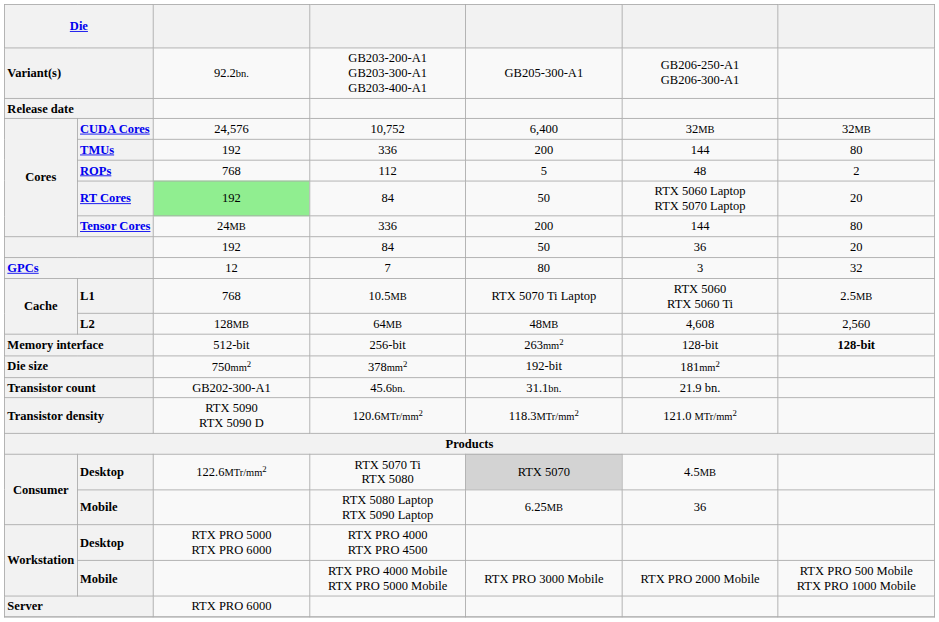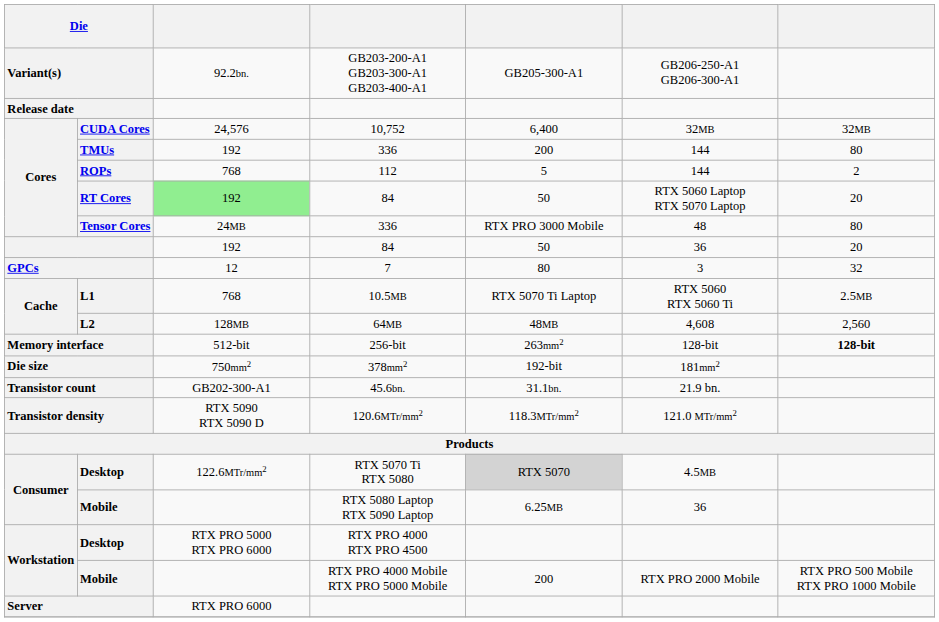 <table class="wikitable" style="text-align:center; font-size:90%; height:3em; white-space:nowrap;">
 <tr>
 <th colspan="2"><a href='#'>Die</a></th>
 <th style="width:12em; height:3em;"></th>
 <th style="width:12em; height:3em;"></th>
 <th style="width:12em; height:3em;"></th>
 <th style="width:12em; height:3em;"></th>
 <th style="width:12em; height:3em;"></th>
 </tr>
 <tr>
 <th colspan="2" style="text-align: left;">Variant(s)</th>
 <td>92.2<small>bn.</small></td>
 <td>GB203-200-A1 <br> GB203-300-A1 <br> GB203-400-A1</td>
 <td>GB205-300-A1</td>
 <td>GB206-250-A1 <br> GB206-300-A1</td>
 <td></td>
 </tr>
 <tr>
 <th colspan="2" style="text-align: left;">Release date</th>
 <td></td>
 <td></td>
 <td></td>
 <td></td>
 <td></td>
 </tr>
 <tr>
 <th rowspan="5">Cores</th>
 <th style="text-align: left;"><a href='#'>CUDA Cores</a></th>
 <td>24,576</td>
 <td>10,752</td>
 <td>6,400</td>
 <td>32<small>MB</small></td>
 <td>32<small>MB</small></td>
 </tr>
 <tr>
 <th style="text-align: left;"><a href='#'>TMUs</a></th>
 <td>192</td>
 <td>336</td>
 <td>200</td>
 <td>144</td>
 <td>80</td>
 </tr>
 <tr>
 <th style="text-align: left;"><a href='#'>ROPs</a></th>
 <td>768</td>
 <td>112</td>
 <td>5</td>
-<td>48</td>
+<td>144</td>
 <td>2</td>
 </tr>
 <tr>
 <th style="text-align: left;"><a href='#'>RT Cores</a></th>
 <td style="background: lightgreen;">192</td>
 <td>84</td>
 <td>50</td>
 <td>RTX 5060 Laptop<br> RTX 5070 Laptop</td>
 <td>20</td>
 </tr>
 <tr>
 <th style="text-align: left;"><a href='#'>Tensor Cores</a></th>
 <td>24<small>MB</small></td>
 <td>336</td>
-<td>200</td>
-<td>144</td>
+<td>RTX PRO 3000 Mobile</td>
+<td>48</td>
 <td>80</td>
 </tr>
 <tr>
 <th colspan="2" style="text-align: left;"></th>
 <td>192</td>
 <td>84</td>
 <td>50</td>
 <td>36</td>
 <td>20</td>
 </tr>
 <tr>
 <th colspan="2" style="text-align: left;"><a href='#'>GPCs</a></th>
 <td>12</td>
 <td>7</td>
 <td>80</td>
 <td>3</td>
 <td>32</td>
 </tr>
 <tr>
 <th rowspan="2">Cache</th>
 <th style="text-align: left;">L1</th>
 <td>768</td>
 <td>10.5<small>MB</small></td>
 <td>RTX 5070 Ti Laptop</td>
 <td>RTX 5060 <br> RTX 5060 Ti</td>
 <td>2.5<small>MB</small></td>
 </tr>
 <tr>
 <th style="text-align: left;">L2</th>
 <td>128<small>MB</small></td>
 <td>64<small>MB</small></td>
 <td>48<small>MB</small></td>
 <td>4,608</td>
 <td>2,560</td>
 </tr>
 <tr>
 <th colspan="2" style="text-align: left;">Memory interface</th>
 <td>512-bit</td>
 <td>256-bit</td>
 <td>263<small>mm<sup>2</sup></small></td>
 <td>128-bit</td>
 <td><strong>128-bit</strong></td>
 </tr>
 <tr>
 <th colspan="2" style="text-align: left;">Die size</th>
 <td>750<small>mm<sup>2</sup></small></td>
 <td>378<small>mm<sup>2</sup></small></td>
 <td>192-bit</td>
 <td>181<small>mm<sup>2</sup></small></td>
 <td></td>
 </tr>
 <tr>
 <th colspan="2" style="text-align: left;">Transistor count</th>
 <td>GB202-300-A1</td>
 <td>45.6<small>bn.</small></td>
 <td>31.1<small>bn.</small></td>
 <td>21.9 bn.</td>
 <td></td>
 </tr>
 <tr>
 <th colspan="2" style="text-align: left;">Transistor density</th>
 <td>RTX 5090 <br> RTX 5090 D</td>
 <td>120.6<small>MTr/mm<sup>2</sup></small></td>
 <td>118.3<small>MTr/mm<sup>2</sup></small></td>
 <td>121.0 <small>MTr/mm<sup>2</sup></small></td>
 <td></td>
 </tr>
 <tr>
 <th colspan="7">Products</th>
 </tr>
 <tr>
 <th rowspan="2">Consumer</th>
 <th style="text-align: left;">Desktop</th>
 <td>122.6<small>MTr/mm<sup>2</sup></small></td>
 <td>RTX 5070 Ti <br> RTX 5080</td>
 <td style="background: lightgrey;">RTX 5070</td>
 <td>4.5<small>MB</small></td>
 <td></td>
 </tr>
 <tr>
 <th style="text-align: left;">Mobile</th>
 <td></td>
 <td>RTX 5080 Laptop<br> RTX 5090 Laptop</td>
 <td>6.25<small>MB</small></td>
 <td>36</td>
 <td></td>
 </tr>
 <tr>
 <th rowspan="2">Workstation</th>
 <th style="text-align: left;">Desktop</th>
 <td>RTX PRO 5000<br> RTX PRO 6000</td>
 <td>RTX PRO 4000<br> RTX PRO 4500</td>
 <td></td>
 <td></td>
 <td></td>
 </tr>
 <tr>
 <th style="text-align: left;">Mobile</th>
 <td></td>
 <td>RTX PRO 4000 Mobile<br> RTX PRO 5000 Mobile</td>
-<td>RTX PRO 3000 Mobile</td>
+<td>200</td>
 <td>RTX PRO 2000 Mobile</td>
 <td>RTX PRO 500 Mobile<br> RTX PRO 1000 Mobile</td>
 </tr>
 <tr>
 <th colspan="2" style="text-align: left;">Server</th>
 <td>RTX PRO 6000</td>
 <td></td>
 <td></td>
 <td></td>
 <td></td>
 </tr>
 <tr>
 </tr>
 </table>
